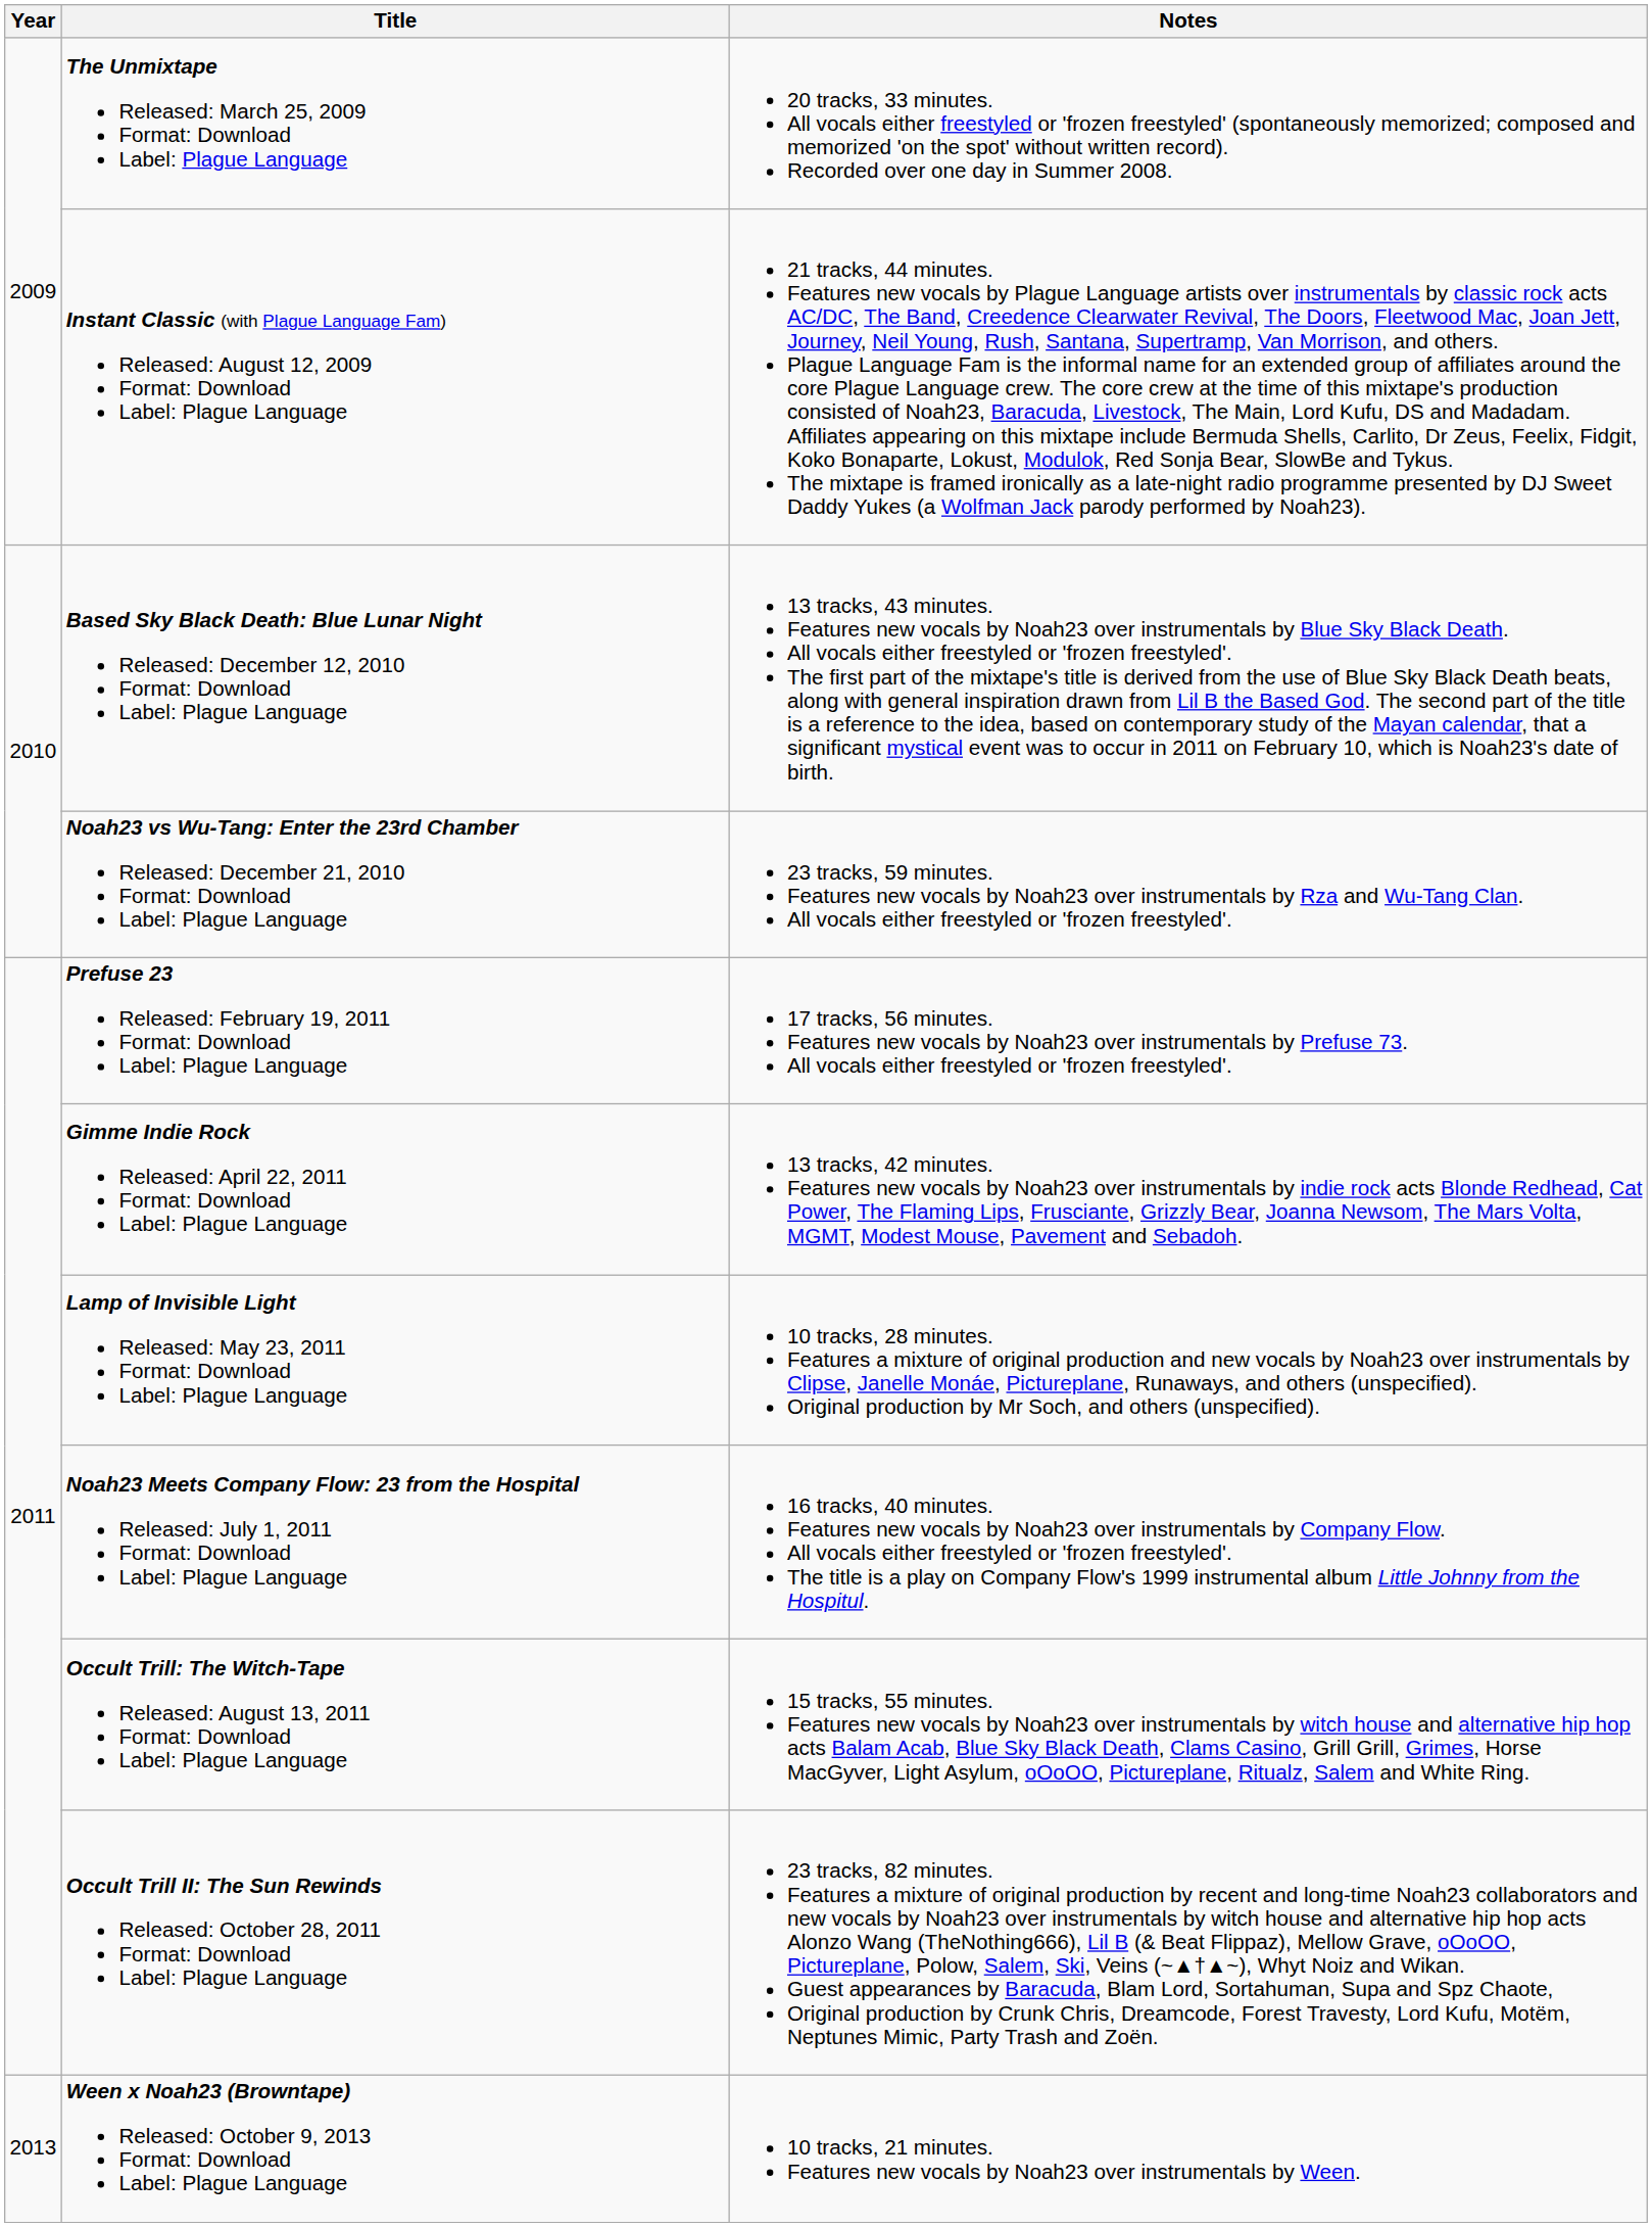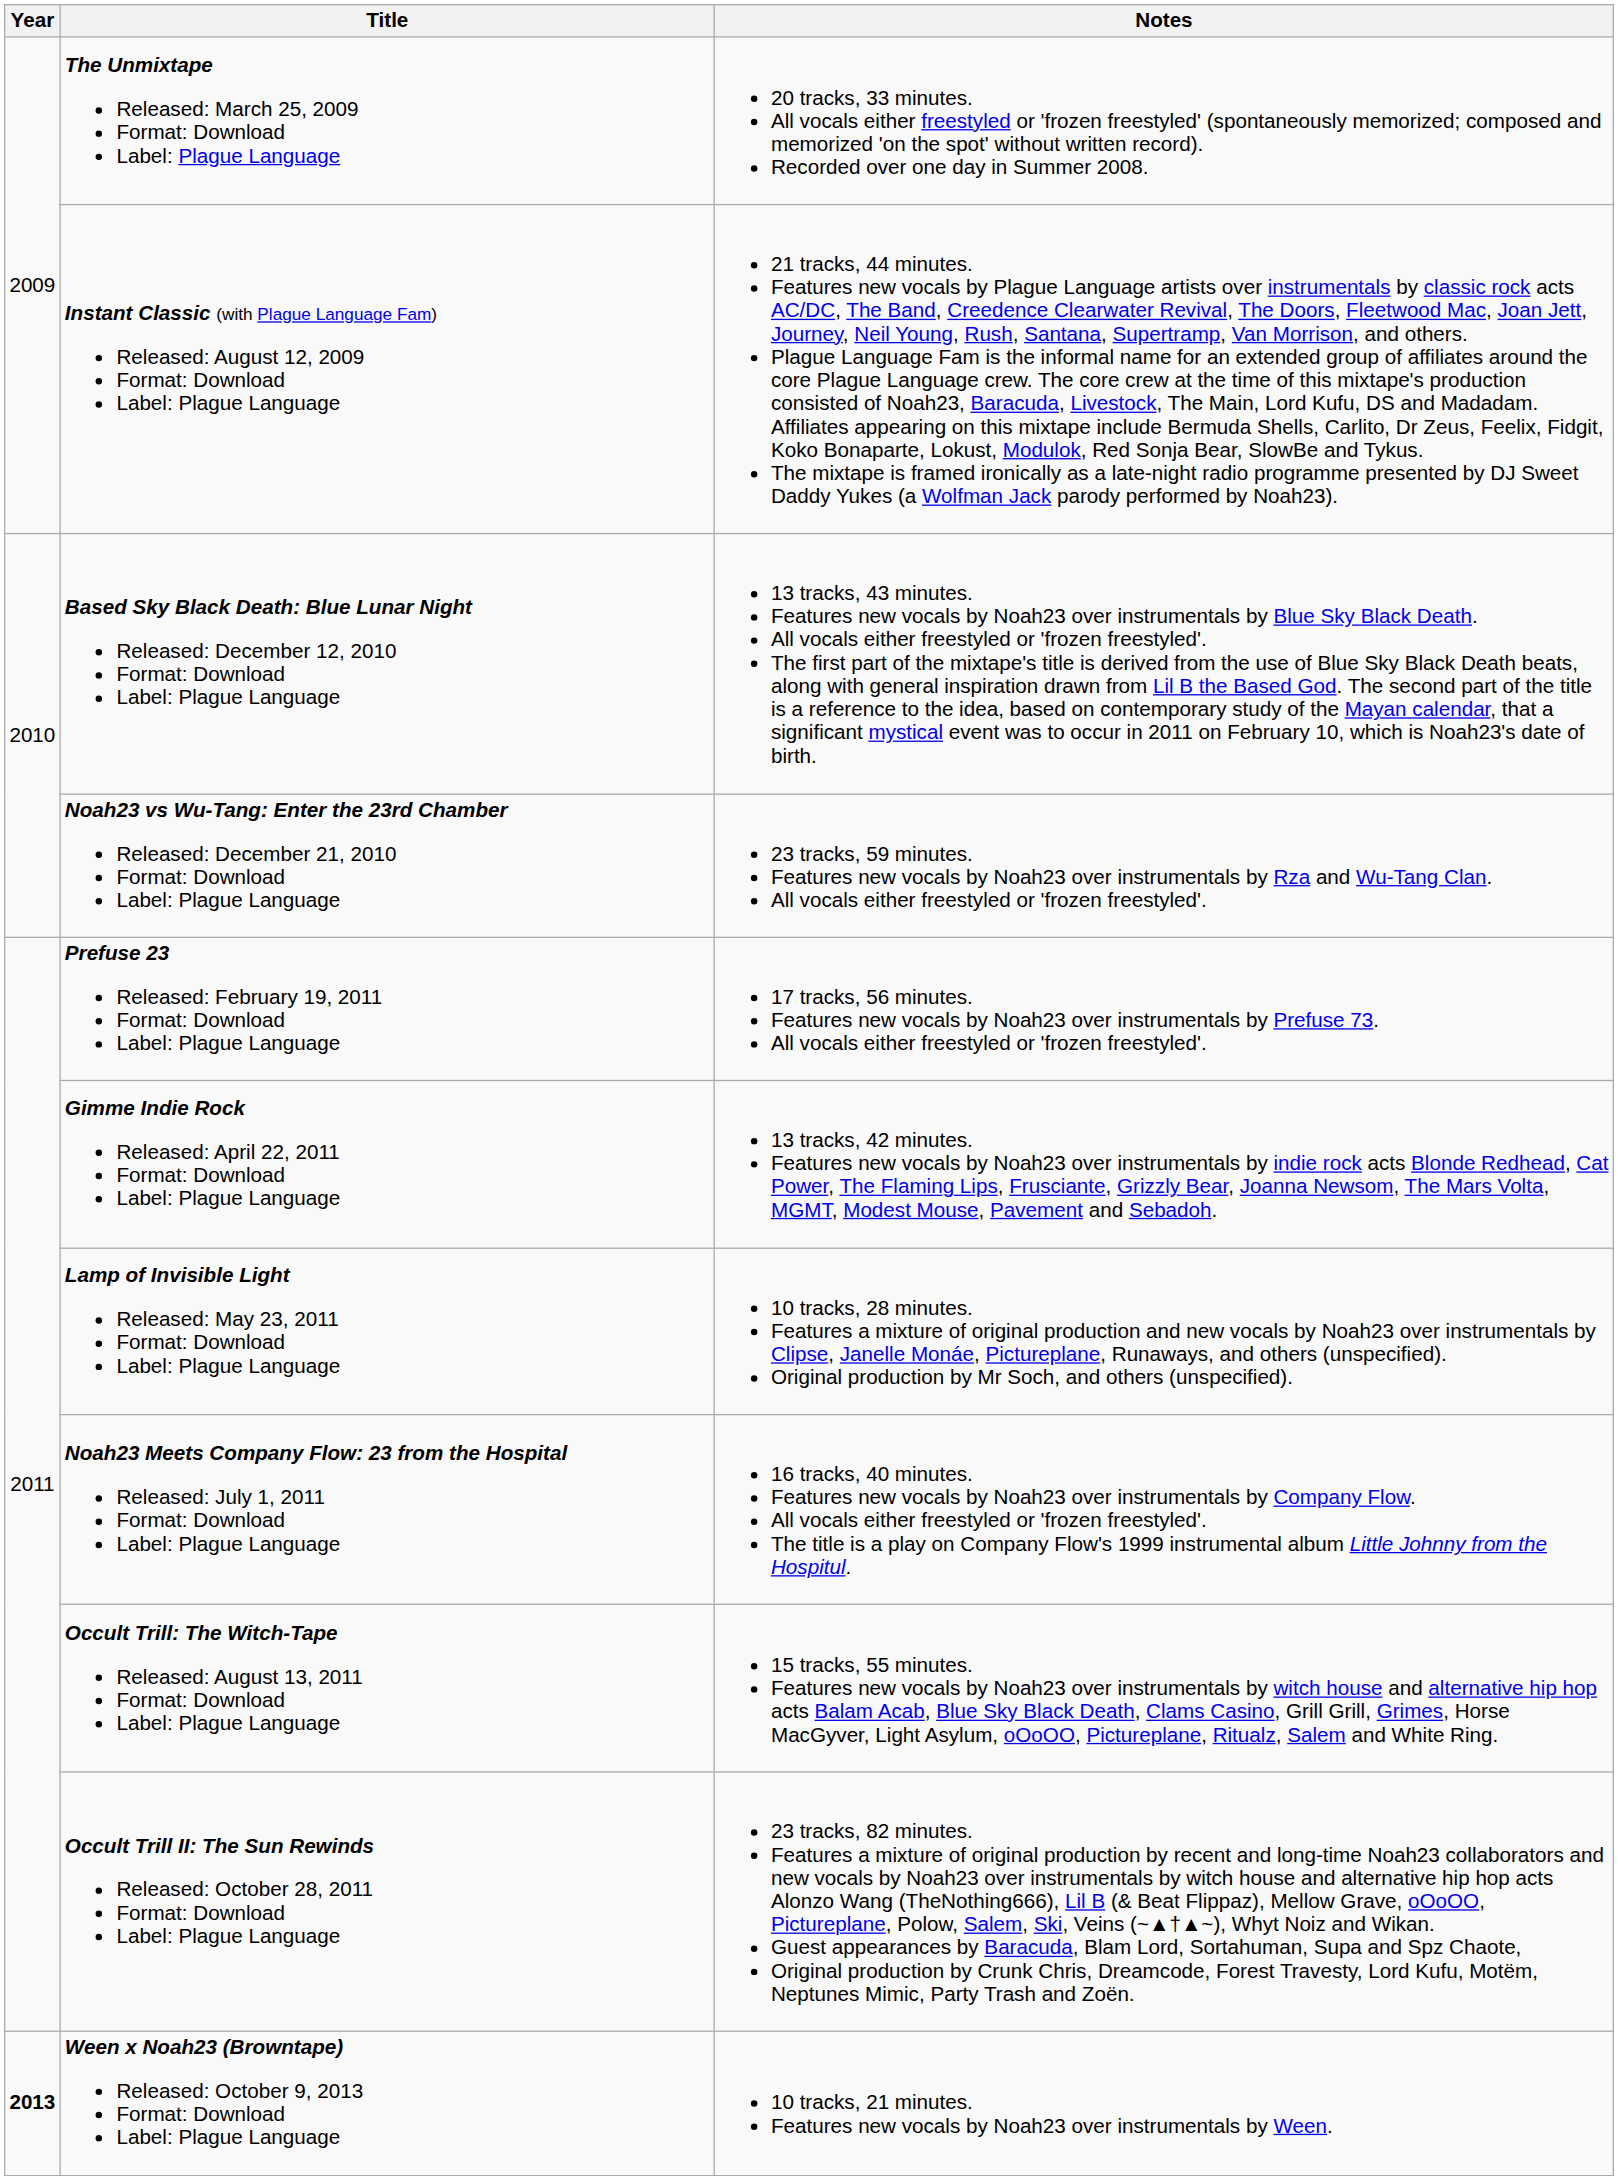 <table class="wikitable">
 <tr>
 <th rowspan="1" style="width:33px;">Year</th>
 <th rowspan="1" style="width:500px;">Title</th>
 <th rowspan="1">Notes</th>
 </tr>
 <tr>
 <td style="text-align:center;" rowspan="2">2009</td>
 <td><strong><em>The Unmixtape</em></strong><br><ul><li>Released: March 25, 2009</li><li>Format: Download</li><li>Label: <a href='#'>Plague Language</a></li></ul></td>
 <td><br><ul><li>20 tracks, 33 minutes.</li><li>All vocals either <a href='#'>freestyled</a> or 'frozen freestyled' (spontaneously memorized; composed and memorized 'on the spot' without written record).</li><li>Recorded over one day in Summer 2008.</li></ul></td>
 </tr>
 <tr>
 <td><strong><em>Instant Classic</em></strong> <small>(with <a href='#'>Plague Language Fam</a>)</small><br><ul><li>Released: August 12, 2009</li><li>Format: Download</li><li>Label: Plague Language</li></ul></td>
 <td><br><ul><li>21 tracks, 44 minutes.</li><li>Features new vocals by Plague Language artists over <a href='#'>instrumentals</a> by <a href='#'>classic rock</a> acts <a href='#'>AC/DC</a>, <a href='#'>The Band</a>, <a href='#'>Creedence Clearwater Revival</a>, <a href='#'>The Doors</a>, <a href='#'>Fleetwood Mac</a>, <a href='#'>Joan Jett</a>, <a href='#'>Journey</a>, <a href='#'>Neil Young</a>, <a href='#'>Rush</a>, <a href='#'>Santana</a>, <a href='#'>Supertramp</a>, <a href='#'>Van Morrison</a>, and others.</li><li>Plague Language Fam is the informal name for an extended group of affiliates around the core Plague Language crew. The core crew at the time of this mixtape's production consisted of Noah23, <a href='#'>Baracuda</a>, <a href='#'>Livestock</a>, The Main, Lord Kufu, DS and Madadam. Affiliates appearing on this mixtape include Bermuda Shells, Carlito, Dr Zeus, Feelix, Fidgit, Koko Bonaparte, Lokust, <a href='#'>Modulok</a>, Red Sonja Bear, SlowBe and Tykus.</li><li>The mixtape is framed ironically as a late-night radio programme presented by DJ Sweet Daddy Yukes (a <a href='#'>Wolfman Jack</a> parody performed by Noah23).</li></ul></td>
 </tr>
 <tr>
 <td style="text-align:center;" rowspan="2">2010</td>
 <td><strong><em>Based Sky Black Death: Blue Lunar Night</em></strong><br><ul><li>Released: December 12, 2010</li><li>Format: Download</li><li>Label: Plague Language</li></ul></td>
 <td><br><ul><li>13 tracks, 43 minutes.</li><li>Features new vocals by Noah23 over instrumentals by <a href='#'>Blue Sky Black Death</a>.</li><li>All vocals either freestyled or 'frozen freestyled'.</li><li>The first part of the mixtape's title is derived from the use of Blue Sky Black Death beats, along with general inspiration drawn from <a href='#'>Lil B the Based God</a>. The second part of the title is a reference to the idea, based on contemporary study of the <a href='#'>Mayan calendar</a>, that a significant <a href='#'>mystical</a> event was to occur in 2011 on February 10, which is Noah23's date of birth.</li></ul></td>
 </tr>
 <tr>
 <td><strong><em>Noah23 vs Wu-Tang: Enter the 23rd Chamber</em></strong><br><ul><li>Released: December 21, 2010</li><li>Format: Download</li><li>Label: Plague Language</li></ul></td>
 <td><br><ul><li>23 tracks, 59 minutes.</li><li>Features new vocals by Noah23 over instrumentals by <a href='#'>Rza</a>  and <a href='#'>Wu-Tang Clan</a>.</li><li>All vocals either freestyled or 'frozen freestyled'.</li></ul></td>
 </tr>
 <tr>
 <td style="text-align:center;" rowspan="6">2011</td>
 <td><strong><em>Prefuse 23</em></strong><br><ul><li>Released: February 19, 2011</li><li>Format: Download</li><li>Label: Plague Language</li></ul></td>
 <td><br><ul><li>17 tracks, 56 minutes.</li><li>Features new vocals by Noah23 over instrumentals by <a href='#'>Prefuse 73</a>.</li><li>All vocals either freestyled or 'frozen freestyled'.</li></ul></td>
 </tr>
 <tr>
 <td><strong><em>Gimme Indie Rock</em></strong><br><ul><li>Released: April 22, 2011</li><li>Format: Download</li><li>Label: Plague Language</li></ul></td>
 <td><br><ul><li>13 tracks, 42 minutes.</li><li>Features new vocals by Noah23 over instrumentals by <a href='#'>indie rock</a> acts <a href='#'>Blonde Redhead</a>, <a href='#'>Cat Power</a>, <a href='#'>The Flaming Lips</a>, <a href='#'>Frusciante</a>, <a href='#'>Grizzly Bear</a>, <a href='#'>Joanna Newsom</a>, <a href='#'>The Mars Volta</a>, <a href='#'>MGMT</a>, <a href='#'>Modest Mouse</a>, <a href='#'>Pavement</a> and <a href='#'>Sebadoh</a>.</li></ul></td>
 </tr>
 <tr>
 <td><strong><em>Lamp of Invisible Light</em></strong><br><ul><li>Released: May 23, 2011</li><li>Format: Download</li><li>Label: Plague Language</li></ul></td>
 <td><br><ul><li>10 tracks, 28 minutes.</li><li>Features a mixture of original production and new vocals by Noah23 over instrumentals by <a href='#'>Clipse</a>, <a href='#'>Janelle Monáe</a>, <a href='#'>Pictureplane</a>, Runaways, and others (unspecified).</li><li>Original production by Mr Soch, and others (unspecified).</li></ul></td>
 </tr>
 <tr>
 <td><strong><em>Noah23 Meets Company Flow: 23 from the Hospital</em></strong><br><ul><li>Released: July 1, 2011</li><li>Format: Download</li><li>Label: Plague Language</li></ul></td>
 <td><br><ul><li>16 tracks, 40 minutes.</li><li>Features new vocals by Noah23 over instrumentals by <a href='#'>Company Flow</a>.</li><li>All vocals either freestyled or 'frozen freestyled'.</li><li>The title is a play on Company Flow's 1999 instrumental album <em><a href='#'>Little Johnny from the Hospitul</a></em>.</li></ul></td>
 </tr>
 <tr>
 <td><strong><em>Occult Trill: The Witch-Tape</em></strong><br><ul><li>Released: August 13, 2011</li><li>Format: Download</li><li>Label: Plague Language</li></ul></td>
 <td><br><ul><li>15 tracks, 55 minutes.</li><li>Features new vocals by Noah23 over instrumentals by <a href='#'>witch house</a> and <a href='#'>alternative hip hop</a> acts <a href='#'>Balam Acab</a>, <a href='#'>Blue Sky Black Death</a>, <a href='#'>Clams Casino</a>, Grill Grill, <a href='#'>Grimes</a>, Horse MacGyver, Light Asylum, <a href='#'>oOoOO</a>, <a href='#'>Pictureplane</a>, <a href='#'>Ritualz</a>, <a href='#'>Salem</a> and White Ring.</li></ul></td>
 </tr>
 <tr>
 <td><strong><em>Occult Trill II: The Sun Rewinds</em></strong><br><ul><li>Released: October 28, 2011</li><li>Format: Download</li><li>Label: Plague Language</li></ul></td>
 <td><br><ul><li>23 tracks, 82 minutes.</li><li>Features a mixture of original production by recent and long-time Noah23 collaborators and new vocals by Noah23 over instrumentals by witch house and alternative hip hop acts Alonzo Wang (TheNothing666), <a href='#'>Lil B</a> (& Beat Flippaz), Mellow Grave, <a href='#'>oOoOO</a>, <a href='#'>Pictureplane</a>, Polow, <a href='#'>Salem</a>, <a href='#'>Ski</a>, Veins (~▲†▲~), Whyt Noiz and Wikan.</li><li>Guest appearances by <a href='#'>Baracuda</a>, Blam Lord, Sortahuman, Supa and Spz Chaote,</li><li>Original production by Crunk Chris, Dreamcode, Forest Travesty, Lord Kufu, Motëm, Neptunes Mimic, Party Trash and Zoën.</li></ul></td>
 </tr>
 <tr>
-<td style="text-align:center;">2013</td>
+<td style="text-align:center;"><strong>2013</strong></td>
 <td><strong><em>Ween x Noah23 (Browntape)</em></strong><br><ul><li>Released: October 9, 2013</li><li>Format: Download</li><li>Label: Plague Language</li></ul></td>
 <td><br><ul><li>10 tracks, 21 minutes.</li><li>Features new vocals by Noah23 over instrumentals by <a href='#'>Ween</a>.</li></ul></td>
 </tr>
 <tr>
 </tr>
 </table>
